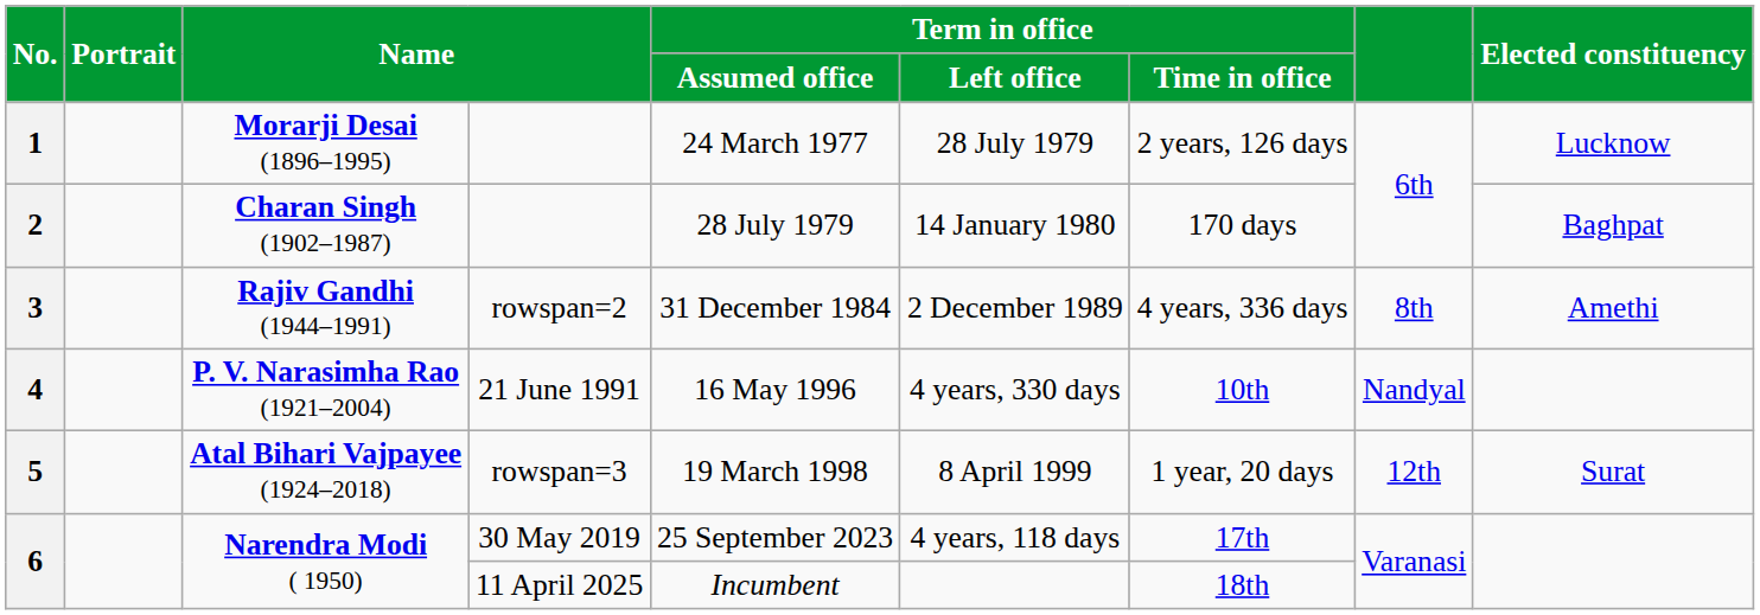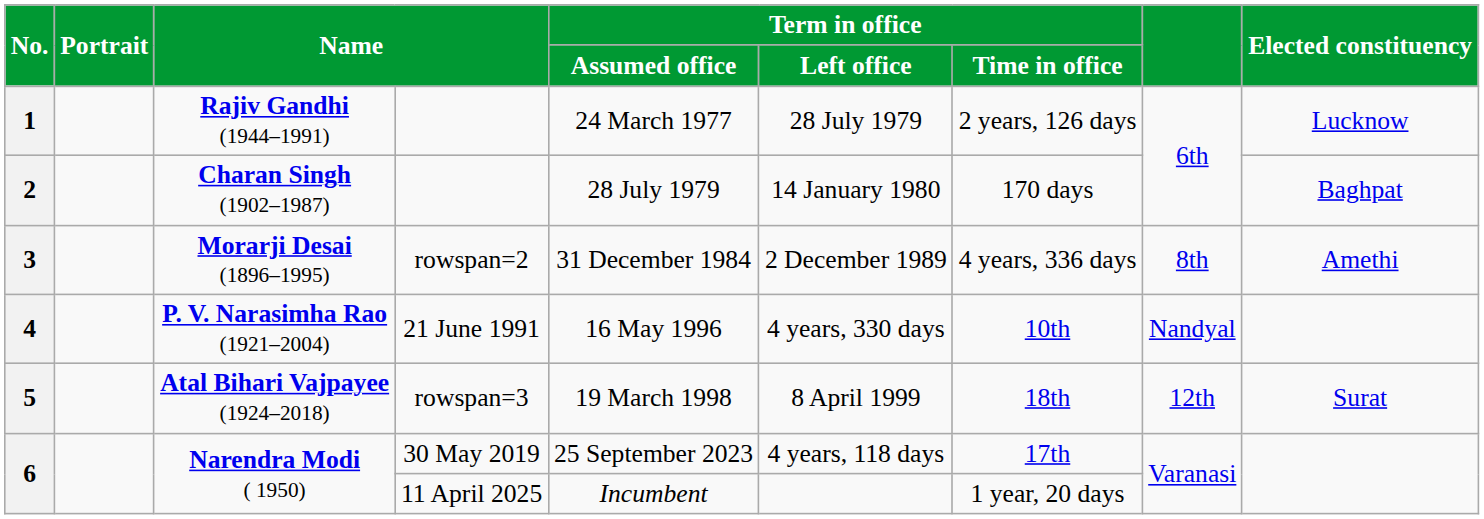 <table class="wikitable sortable" style="text-align:center;">
 <tr>
 <th rowspan=2 style="background-color:#009933;color:white">No.</th>
 <th rowspan=2 style="background-color:#009933;color:white">Portrait</th>
 <th rowspan=2 colspan=2 style="background-color:#009933;color:white">Name<br></th>
 <th colspan=3 style="background-color:#009933;color:white">Term in office</th>
 <th rowspan=2 style="background-color:#009933;color:white"><a href='#'></a><br></th>
 <th rowspan=2 style="background-color:#009933;color:white">Elected constituency<br></th>
 </tr>
 <tr>
 <th style="background-color:#009933;color:white">Assumed office</th>
 <th style="background-color:#009933;color:white">Left office</th>
 <th style="background-color:#009933;color:white">Time in office</th>
 </tr>
 <tr>
 <th>1</th>
 <td></td>
-<td><strong><a href='#'>Morarji Desai</a></strong><br><small>(1896–1995)</small></td>
+<td><strong><a href='#'>Rajiv Gandhi</a></strong><br><small>(1944–1991)</small></td>
 <td></td>
 <td>24 March 1977</td>
 <td>28 July 1979</td>
 <td>2 years, 126 days</td>
 <td rowspan=2><a href='#'>6th</a><br></td>
 <td><a href='#'>Lucknow</a><br></td>
 </tr>
 <tr>
 <th>2</th>
 <td></td>
 <td><strong><a href='#'>Charan Singh</a></strong><br><small>(1902–1987)</small></td>
 <td></td>
 <td>28 July 1979</td>
 <td>14 January 1980</td>
 <td>170 days</td>
 <td><a href='#'>Baghpat</a><br></td>
 </tr>
 <tr>
 <th>3</th>
 <td></td>
-<td><strong><a href='#'>Rajiv Gandhi</a></strong><br><small>(1944–1991)</small></td>
+<td><strong><a href='#'>Morarji Desai</a></strong><br><small>(1896–1995)</small></td>
 <td>rowspan=2 </td>
 <td>31 December 1984</td>
 <td>2 December 1989</td>
 <td>4 years, 336 days</td>
 <td><a href='#'>8th</a><br></td>
 <td><a href='#'>Amethi</a><br></td>
 </tr>
 <tr>
 <th>4</th>
 <td></td>
 <td><strong><a href='#'>P. V. Narasimha Rao</a></strong><br><small>(1921–2004)</small></td>
 <td>21 June 1991</td>
 <td>16 May 1996</td>
 <td>4 years, 330 days</td>
 <td><a href='#'>10th</a><br></td>
 <td><a href='#'>Nandyal</a><br></td>
 </tr>
 <tr>
 <th>5</th>
 <td></td>
 <td><strong><a href='#'>Atal Bihari Vajpayee</a></strong><br><small>(1924–2018)</small></td>
 <td>rowspan=3 </td>
 <td>19 March 1998</td>
 <td>8 April 1999</td>
-<td>1 year, 20 days</td>
+<td><a href='#'>18th</a><br></td>
 <td><a href='#'>12th</a><br></td>
 <td><a href='#'>Surat</a><br></td>
 </tr>
 <tr>
 <th rowspan=2>6</th>
 <td rowspan=2></td>
 <td rowspan=2><strong><a href='#'>Narendra Modi</a></strong><br><small>( 1950)</small></td>
 <td>30 May 2019</td>
 <td>25 September 2023</td>
 <td>4 years, 118 days</td>
 <td><a href='#'>17th</a><br></td>
 <td rowspan=2><a href='#'>Varanasi</a><br></td>
 </tr>
 <tr>
 <td>11 April 2025 </td>
 <td><em>Incumbent</em></td>
 <td></td>
-<td><a href='#'>18th</a><br></td>
+<td>1 year, 20 days</td>
 </tr>
 </table>
